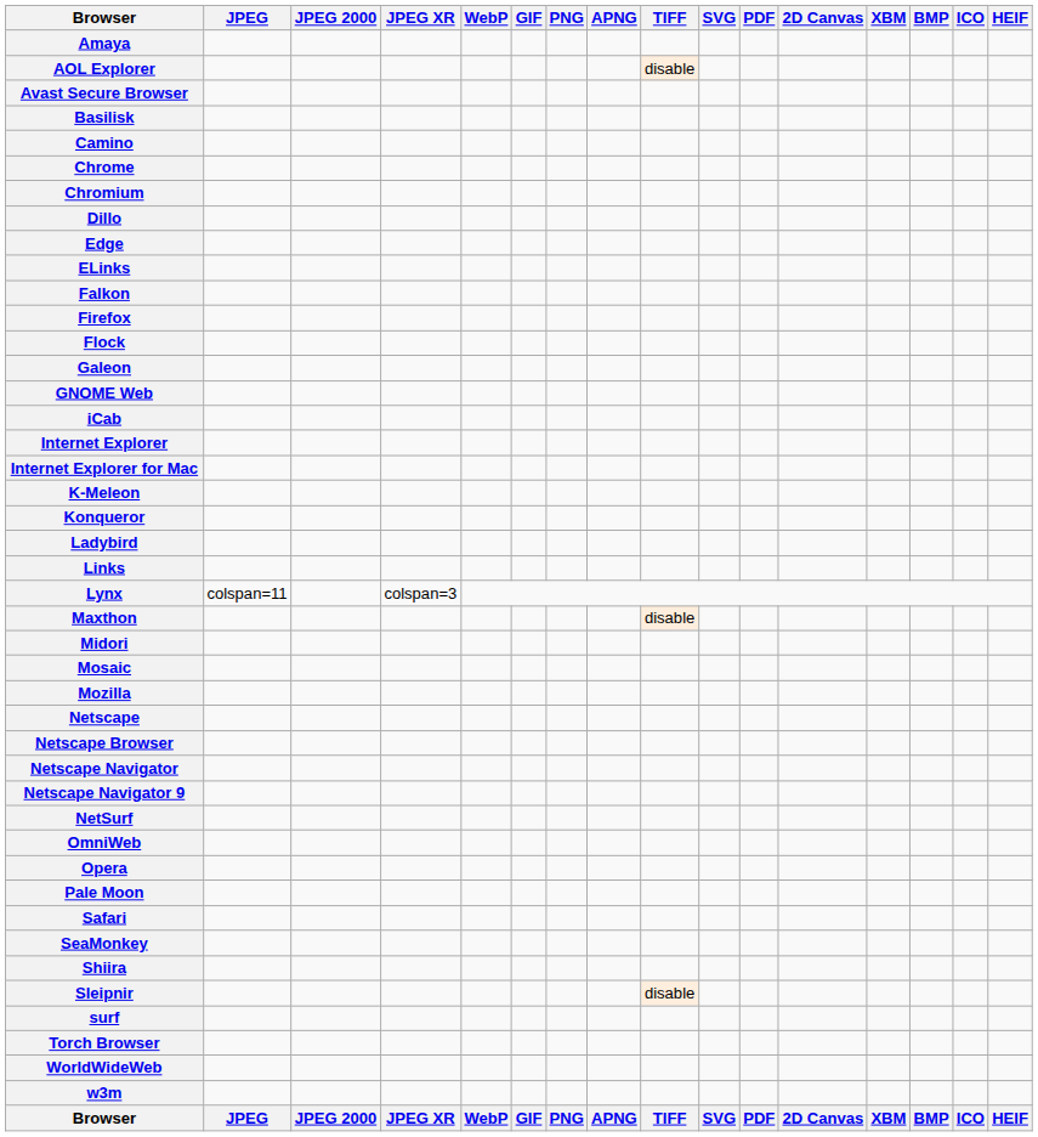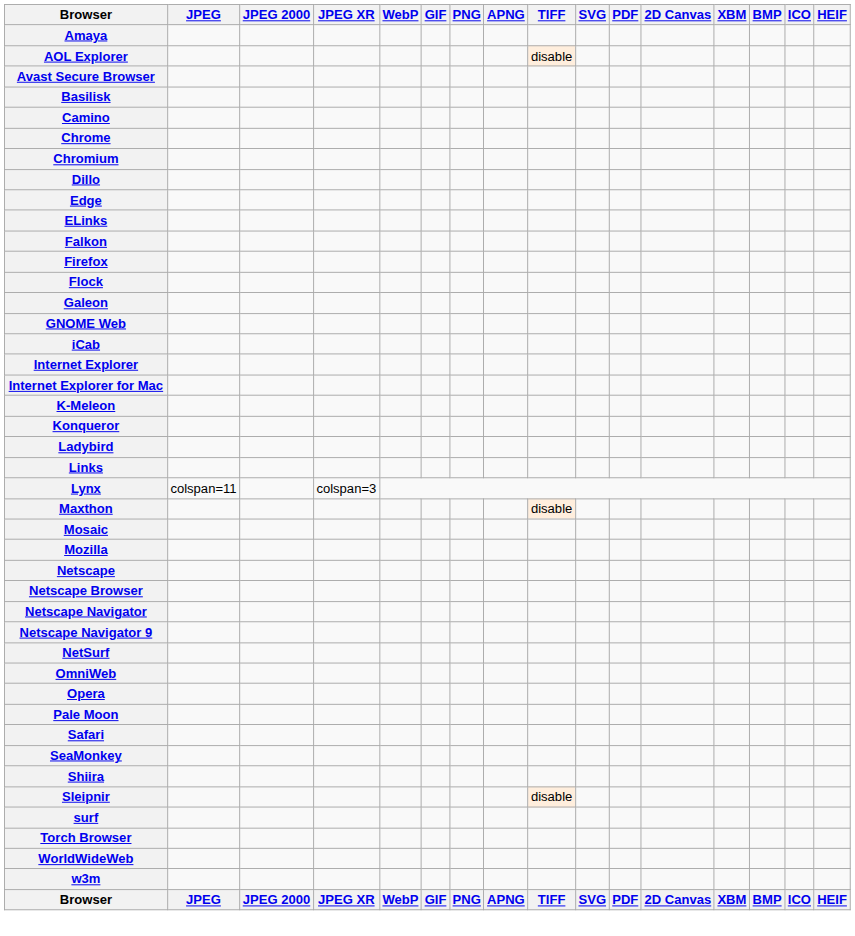 <table class="wikitable sortable sort-under sticky-header" style="font-size: 85%; text-align: center; width: auto;">
 <tr>
 <th style="width:12em">Browser</th>
 <th><a href='#'>JPEG</a></th>
 <th><a href='#'>JPEG 2000</a></th>
 <th><a href='#'>JPEG XR</a></th>
 <th><a href='#'>WebP</a></th>
 <th><a href='#'>GIF</a></th>
 <th><a href='#'>PNG</a></th>
 <th><a href='#'>APNG</a></th>
 <th><a href='#'>TIFF</a></th>
 <th><a href='#'>SVG</a></th>
 <th><a href='#'>PDF</a></th>
 <th><a href='#'>2D Canvas</a></th>
 <th><a href='#'>XBM</a></th>
 <th><a href='#'>BMP</a></th>
 <th><a href='#'>ICO</a></th>
 <th><a href='#'>HEIF</a></th>
 </tr>
 <tr>
 <th><a href='#'>Amaya</a></th>
 <td></td>
 <td></td>
 <td></td>
 <td></td>
 <td></td>
 <td></td>
 <td></td>
 <td></td>
 <td></td>
 <td></td>
 <td></td>
 <td></td>
 <td></td>
 <td></td>
 <td></td>
 </tr>
 <tr>
 <th><a href='#'>AOL Explorer</a></th>
 <td></td>
 <td></td>
 <td></td>
 <td></td>
 <td></td>
 <td></td>
 <td></td>
 <td style="background:#fed;">disable</td>
 <td></td>
 <td></td>
 <td></td>
 <td></td>
 <td></td>
 <td></td>
 <td></td>
 </tr>
 <tr>
 <th><a href='#'>Avast Secure Browser</a></th>
 <td></td>
 <td></td>
 <td></td>
 <td></td>
 <td></td>
 <td></td>
 <td></td>
 <td></td>
 <td></td>
 <td></td>
 <td></td>
 <td></td>
 <td></td>
 <td></td>
 <td></td>
 </tr>
 <tr>
 <th><a href='#'>Basilisk</a></th>
 <td></td>
 <td></td>
 <td></td>
 <td></td>
 <td></td>
 <td></td>
 <td></td>
 <td></td>
 <td></td>
 <td></td>
 <td></td>
 <td></td>
 <td></td>
 <td></td>
 <td></td>
 </tr>
 <tr>
 <th><a href='#'>Camino</a></th>
 <td></td>
 <td></td>
 <td></td>
 <td></td>
 <td></td>
 <td></td>
 <td></td>
 <td></td>
 <td></td>
 <td></td>
 <td></td>
 <td></td>
 <td></td>
 <td></td>
 <td></td>
 </tr>
 <tr>
 <th><a href='#'>Chrome</a></th>
 <td></td>
 <td></td>
 <td></td>
 <td></td>
 <td></td>
 <td></td>
 <td></td>
 <td></td>
 <td></td>
 <td></td>
 <td></td>
 <td> </td>
 <td></td>
 <td></td>
 <td></td>
 </tr>
 <tr>
 <th><a href='#'>Chromium</a></th>
 <td></td>
 <td></td>
 <td></td>
 <td></td>
 <td></td>
 <td></td>
 <td></td>
 <td></td>
 <td></td>
 <td></td>
 <td></td>
 <td> </td>
 <td></td>
 <td></td>
 <td></td>
 </tr>
 <tr>
 <th><a href='#'>Dillo</a></th>
 <td></td>
 <td></td>
 <td></td>
 <td></td>
 <td></td>
 <td></td>
 <td></td>
 <td></td>
 <td></td>
 <td></td>
 <td></td>
 <td></td>
 <td></td>
 <td></td>
 <td></td>
 </tr>
 <tr>
 <th><a href='#'>Edge</a></th>
 <td></td>
 <td></td>
 <td></td>
 <td></td>
 <td></td>
 <td></td>
 <td></td>
 <td></td>
 <td></td>
 <td></td>
 <td></td>
 <td></td>
 <td></td>
 <td></td>
 <td></td>
 </tr>
 <tr>
 <th><a href='#'>ELinks</a></th>
 <td></td>
 <td></td>
 <td></td>
 <td></td>
 <td></td>
 <td></td>
 <td></td>
 <td></td>
 <td></td>
 <td></td>
 <td></td>
 <td></td>
 <td></td>
 <td></td>
 <td></td>
 </tr>
 <tr>
 <th><a href='#'>Falkon</a></th>
 <td></td>
 <td></td>
 <td></td>
 <td></td>
 <td></td>
 <td></td>
 <td></td>
 <td></td>
 <td></td>
 <td></td>
 <td></td>
 <td></td>
 <td></td>
 <td></td>
 <td></td>
 </tr>
 <tr>
 <th><a href='#'>Firefox</a></th>
 <td></td>
 <td></td>
 <td></td>
 <td></td>
 <td></td>
 <td></td>
 <td></td>
 <td></td>
 <td></td>
 <td></td>
 <td></td>
 <td></td>
 <td></td>
 <td></td>
 <td></td>
 </tr>
 <tr>
 <th><a href='#'>Flock</a></th>
 <td></td>
 <td></td>
 <td></td>
 <td></td>
 <td></td>
 <td></td>
 <td></td>
 <td></td>
 <td></td>
 <td></td>
 <td></td>
 <td></td>
 <td></td>
 <td></td>
 <td></td>
 </tr>
 <tr>
 <th><a href='#'>Galeon</a></th>
 <td></td>
 <td></td>
 <td></td>
 <td></td>
 <td></td>
 <td></td>
 <td></td>
 <td></td>
 <td></td>
 <td></td>
 <td></td>
 <td></td>
 <td></td>
 <td></td>
 <td></td>
 </tr>
 <tr>
 <th><a href='#'>GNOME Web</a></th>
 <td></td>
 <td></td>
 <td></td>
 <td></td>
 <td></td>
 <td></td>
 <td></td>
 <td></td>
 <td></td>
 <td></td>
 <td></td>
 <td></td>
 <td></td>
 <td></td>
 <td></td>
 </tr>
 <tr>
 <th><a href='#'>iCab</a></th>
 <td></td>
 <td></td>
 <td></td>
 <td></td>
 <td></td>
 <td></td>
 <td></td>
 <td></td>
 <td></td>
 <td></td>
 <td></td>
 <td></td>
 <td></td>
 <td></td>
 <td></td>
 </tr>
 <tr>
 <th><a href='#'>Internet Explorer</a></th>
 <td></td>
 <td></td>
 <td></td>
 <td></td>
 <td></td>
 <td></td>
 <td></td>
 <td></td>
 <td></td>
 <td></td>
 <td></td>
 <td></td>
 <td></td>
 <td></td>
 <td></td>
 </tr>
 <tr>
 <th><a href='#'>Internet Explorer for Mac</a></th>
 <td></td>
 <td></td>
 <td></td>
 <td></td>
 <td></td>
 <td></td>
 <td></td>
 <td></td>
 <td></td>
 <td></td>
 <td></td>
 <td></td>
 <td></td>
 <td></td>
 <td></td>
 </tr>
 <tr>
 <th><a href='#'>K-Meleon</a></th>
 <td></td>
 <td></td>
 <td></td>
 <td></td>
 <td></td>
 <td></td>
 <td></td>
 <td></td>
 <td></td>
 <td></td>
 <td></td>
 <td></td>
 <td></td>
 <td></td>
 <td></td>
 </tr>
 <tr>
 <th><a href='#'>Konqueror</a></th>
 <td></td>
 <td></td>
 <td></td>
 <td></td>
 <td></td>
 <td></td>
 <td></td>
 <td></td>
 <td></td>
 <td></td>
 <td></td>
 <td></td>
 <td></td>
 <td></td>
 <td></td>
 </tr>
 <tr>
 <th><a href='#'>Ladybird</a></th>
 <td></td>
 <td></td>
 <td></td>
 <td></td>
 <td></td>
 <td></td>
 <td></td>
 <td></td>
 <td></td>
 <td></td>
 <td></td>
 <td></td>
 <td></td>
 <td></td>
 <td></td>
 </tr>
 <tr>
 <th><a href='#'>Links</a></th>
 <td></td>
 <td></td>
 <td></td>
 <td></td>
 <td></td>
 <td></td>
 <td></td>
 <td></td>
 <td></td>
 <td></td>
 <td></td>
 <td></td>
 <td></td>
 <td></td>
 <td></td>
 </tr>
 <tr>
 <th><a href='#'>Lynx</a></th>
 <td>colspan=11 </td>
 <td></td>
 <td>colspan=3 </td>
 </tr>
 <tr>
 <th><a href='#'>Maxthon</a></th>
 <td></td>
 <td></td>
 <td></td>
 <td></td>
 <td></td>
 <td></td>
 <td></td>
 <td style="background:#fed;">disable</td>
 <td></td>
 <td></td>
 <td></td>
 <td></td>
 <td></td>
 <td></td>
 <td></td>
 </tr>
 <tr>
-<th><a href='#'>Midori</a></th>
-<td></td>
-<td></td>
-<td></td>
-<td></td>
-<td></td>
-<td></td>
-<td></td>
-<td></td>
-<td></td>
-<td></td>
-<td></td>
-<td></td>
-<td></td>
-<td></td>
-<td></td>
-</tr>
-<tr>
 <th><a href='#'>Mosaic</a></th>
 <td></td>
 <td></td>
 <td></td>
 <td></td>
 <td></td>
 <td></td>
 <td></td>
 <td></td>
 <td></td>
 <td></td>
 <td></td>
 <td></td>
 <td></td>
 <td></td>
 <td></td>
 </tr>
 <tr>
 <th><a href='#'>Mozilla</a></th>
 <td></td>
 <td></td>
 <td></td>
 <td></td>
 <td></td>
 <td></td>
 <td></td>
 <td></td>
 <td></td>
 <td></td>
 <td></td>
 <td></td>
 <td></td>
 <td></td>
 <td></td>
 </tr>
 <tr>
 <th><a href='#'>Netscape</a></th>
 <td></td>
 <td></td>
 <td></td>
 <td></td>
 <td></td>
 <td></td>
 <td></td>
 <td></td>
 <td></td>
 <td></td>
 <td></td>
 <td></td>
 <td></td>
 <td></td>
 <td></td>
 </tr>
 <tr>
 <th><a href='#'>Netscape Browser</a></th>
 <td></td>
 <td></td>
 <td></td>
 <td></td>
 <td></td>
 <td></td>
 <td></td>
 <td></td>
 <td></td>
 <td></td>
 <td></td>
 <td></td>
 <td></td>
 <td></td>
 <td></td>
 </tr>
 <tr>
 <th><a href='#'>Netscape Navigator</a></th>
 <td></td>
 <td></td>
 <td></td>
 <td></td>
 <td></td>
 <td></td>
 <td></td>
 <td></td>
 <td></td>
 <td></td>
 <td></td>
 <td></td>
 <td></td>
 <td></td>
 <td></td>
 </tr>
 <tr>
 <th><a href='#'>Netscape Navigator 9</a></th>
 <td></td>
 <td></td>
 <td></td>
 <td></td>
 <td></td>
 <td></td>
 <td></td>
 <td></td>
 <td></td>
 <td></td>
 <td></td>
 <td></td>
 <td></td>
 <td></td>
 <td></td>
 </tr>
 <tr>
 <th><a href='#'>NetSurf</a></th>
 <td></td>
 <td></td>
 <td></td>
 <td></td>
 <td></td>
 <td></td>
 <td></td>
 <td></td>
 <td></td>
 <td></td>
 <td></td>
 <td></td>
 <td></td>
 <td></td>
 <td></td>
 </tr>
 <tr>
 <th><a href='#'>OmniWeb</a></th>
 <td></td>
 <td></td>
 <td></td>
 <td></td>
 <td></td>
 <td></td>
 <td></td>
 <td></td>
 <td></td>
 <td></td>
 <td></td>
 <td></td>
 <td></td>
 <td></td>
 <td></td>
 </tr>
 <tr>
 <th><a href='#'>Opera</a></th>
 <td></td>
 <td></td>
 <td></td>
 <td></td>
 <td></td>
 <td></td>
 <td></td>
 <td></td>
 <td></td>
 <td></td>
 <td></td>
 <td></td>
 <td></td>
 <td></td>
 <td></td>
 </tr>
 <tr>
 <th><a href='#'>Pale Moon</a></th>
 <td></td>
 <td></td>
 <td></td>
 <td></td>
 <td></td>
 <td></td>
 <td></td>
 <td></td>
 <td></td>
 <td></td>
 <td></td>
 <td></td>
 <td></td>
 <td></td>
 <td></td>
 </tr>
 <tr>
 <th><a href='#'>Safari</a></th>
 <td></td>
 <td></td>
 <td></td>
 <td></td>
 <td></td>
 <td></td>
 <td></td>
 <td></td>
 <td></td>
 <td></td>
 <td></td>
 <td></td>
 <td></td>
 <td></td>
 <td></td>
 </tr>
 <tr>
 <th><a href='#'>SeaMonkey</a></th>
 <td></td>
 <td></td>
 <td></td>
 <td></td>
 <td></td>
 <td></td>
 <td></td>
 <td></td>
 <td></td>
 <td></td>
 <td></td>
 <td></td>
 <td></td>
 <td></td>
 <td></td>
 </tr>
 <tr>
 <th><a href='#'>Shiira</a></th>
 <td></td>
 <td></td>
 <td></td>
 <td></td>
 <td></td>
 <td></td>
 <td></td>
 <td></td>
 <td></td>
 <td></td>
 <td></td>
 <td></td>
 <td></td>
 <td></td>
 <td></td>
 </tr>
 <tr>
 <th><a href='#'>Sleipnir</a></th>
 <td></td>
 <td></td>
 <td></td>
 <td></td>
 <td></td>
 <td></td>
 <td></td>
 <td style="background:#fed;">disable</td>
 <td></td>
 <td></td>
 <td></td>
 <td></td>
 <td></td>
 <td></td>
 <td></td>
 </tr>
 <tr>
 <th><a href='#'>surf</a></th>
 <td></td>
 <td></td>
 <td></td>
 <td></td>
 <td></td>
 <td></td>
 <td></td>
 <td></td>
 <td></td>
 <td></td>
 <td></td>
 <td></td>
 <td></td>
 <td></td>
 <td></td>
 </tr>
 <tr>
 <th><a href='#'>Torch Browser</a></th>
 <td></td>
 <td></td>
 <td></td>
 <td></td>
 <td></td>
 <td></td>
 <td></td>
 <td></td>
 <td></td>
 <td></td>
 <td></td>
 <td></td>
 <td></td>
 <td></td>
 <td></td>
 </tr>
 <tr>
 <th><a href='#'>WorldWideWeb</a></th>
 <td></td>
 <td></td>
 <td></td>
 <td></td>
 <td></td>
 <td></td>
 <td></td>
 <td></td>
 <td></td>
 <td></td>
 <td></td>
 <td></td>
 <td></td>
 <td></td>
 <td></td>
 </tr>
 <tr>
 <th><a href='#'>w3m</a></th>
 <td></td>
 <td></td>
 <td></td>
 <td></td>
 <td></td>
 <td></td>
 <td></td>
 <td></td>
 <td></td>
 <td></td>
 <td></td>
 <td></td>
 <td></td>
 <td></td>
 <td></td>
 </tr>
 <tr class="sortbottom">
 <th>Browser</th>
 <th><a href='#'>JPEG</a></th>
 <th><a href='#'>JPEG 2000</a></th>
 <th><a href='#'>JPEG XR</a></th>
 <th><a href='#'>WebP</a></th>
 <th><a href='#'>GIF</a></th>
 <th><a href='#'>PNG</a></th>
 <th><a href='#'>APNG</a></th>
 <th><a href='#'>TIFF</a></th>
 <th><a href='#'>SVG</a></th>
 <th><a href='#'>PDF</a></th>
 <th><a href='#'>2D Canvas</a></th>
 <th><a href='#'>XBM</a></th>
 <th><a href='#'>BMP</a></th>
 <th><a href='#'>ICO</a></th>
 <th><a href='#'>HEIF</a></th>
 </tr>
 </table>
